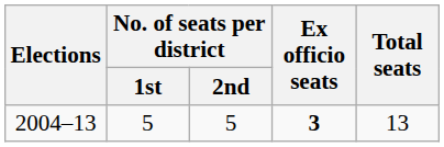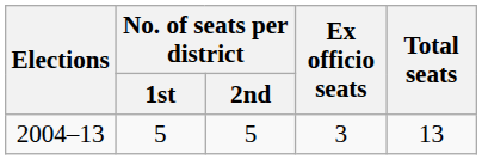 <table class=wikitable style="text-align:center">
 <tr>
 <th rowspan=2>Elections</th>
 <th colspan=2>No. of seats per district</th>
 <th width=50px rowspan=2>Ex officio seats</th>
 <th width=50px rowspan=2>Total seats</th>
 </tr>
 <tr>
 <th width=50px>1st</th>
 <th width=50px>2nd</th>
 </tr>
 <tr>
 <td>2004–13</td>
 <td>5</td>
 <td>5</td>
-<td><strong>3</strong></td>
+<td>3</td>
 <td>13</td>
 </tr>
 </table>
